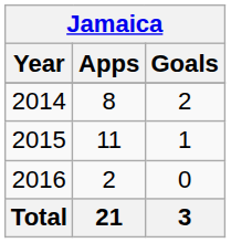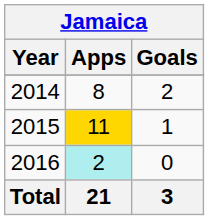 <table class="wikitable" style="text-align:center">
 <tr>
 <th colspan="3"><a href='#'>Jamaica</a></th>
 </tr>
 <tr>
 <th>Year</th>
 <th>Apps</th>
 <th>Goals</th>
 </tr>
 <tr>
 </tr>
 <tr>
 <td>2014</td>
 <td>8</td>
 <td>2</td>
 </tr>
 <tr>
 <td>2015</td>
-<td>11</td>
+<td style="background: gold;">11</td>
 <td>1</td>
 </tr>
 <tr>
 <td>2016</td>
-<td>2</td>
+<td style="background: paleturquoise;">2</td>
 <td>0</td>
 </tr>
 <tr>
 <th>Total</th>
 <th>21</th>
 <th>3</th>
 </tr>
 </table>
